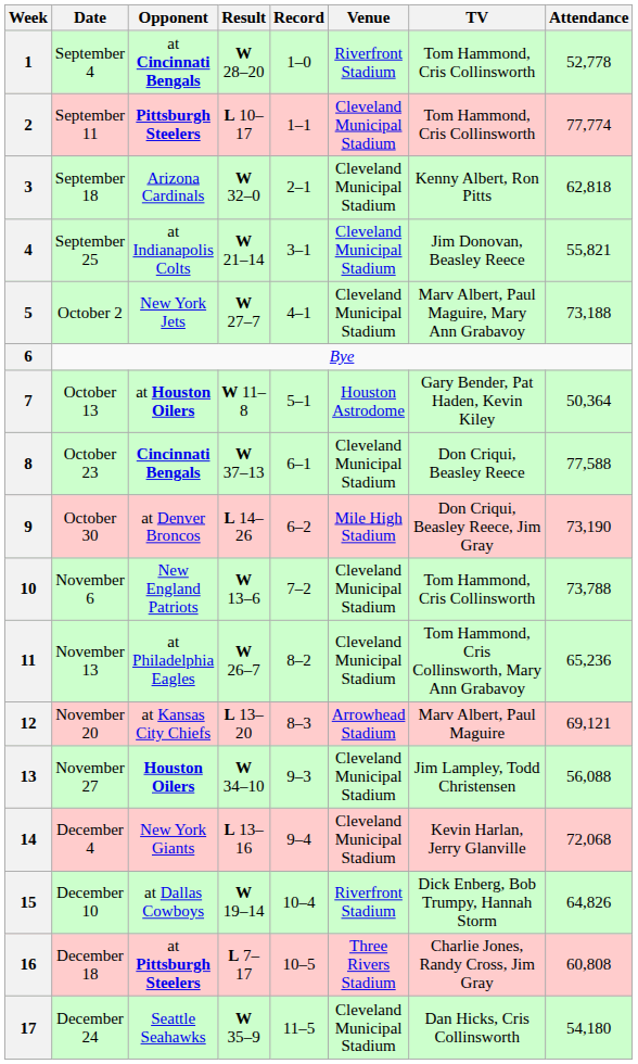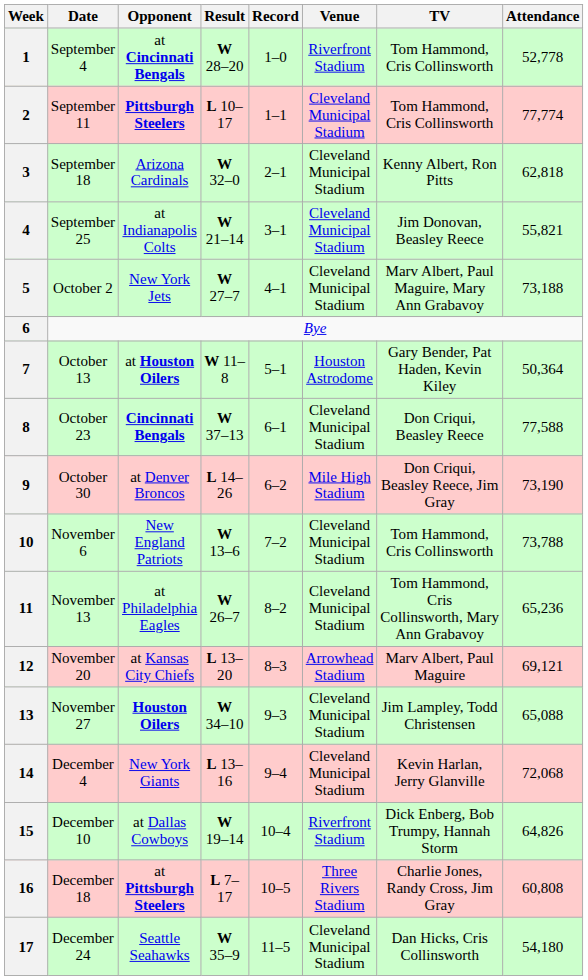 <table class="wikitable" style="text-align:center">
 <tr>
 <th>Week</th>
 <th>Date</th>
 <th>Opponent</th>
 <th>Result</th>
 <th>Record</th>
 <th>Venue</th>
 <th>TV</th>
 <th>Attendance</th>
 </tr>
 <tr style="background:#cfc">
 <th>1</th>
 <td>September 4</td>
 <td>at <strong><a href='#'>Cincinnati Bengals</a></strong></td>
 <td><strong>W</strong> 28–20</td>
 <td>1–0</td>
 <td><a href='#'>Riverfront Stadium</a></td>
 <td>Tom Hammond, Cris Collinsworth</td>
 <td>52,778</td>
 </tr>
 <tr style="background:#fcc">
 <th>2</th>
 <td>September 11</td>
 <td><strong><a href='#'>Pittsburgh Steelers</a></strong></td>
 <td><strong>L</strong> 10–17</td>
 <td>1–1</td>
 <td><a href='#'>Cleveland Municipal Stadium</a></td>
 <td>Tom Hammond, Cris Collinsworth</td>
 <td>77,774</td>
 </tr>
 <tr style="background:#cfc">
 <th>3</th>
 <td>September 18</td>
 <td><a href='#'>Arizona Cardinals</a></td>
 <td><strong>W</strong> 32–0</td>
 <td>2–1</td>
 <td>Cleveland Municipal Stadium</td>
 <td>Kenny Albert, Ron Pitts</td>
 <td>62,818</td>
 </tr>
 <tr style="background:#cfc">
 <th>4</th>
 <td>September 25</td>
 <td>at <a href='#'>Indianapolis Colts</a></td>
 <td><strong>W</strong> 21–14</td>
 <td>3–1</td>
 <td><a href='#'>Cleveland Municipal Stadium</a></td>
 <td>Jim Donovan, Beasley Reece</td>
 <td>55,821</td>
 </tr>
 <tr style="background:#cfc">
 <th>5</th>
 <td>October 2</td>
 <td><a href='#'>New York Jets</a></td>
 <td><strong>W</strong> 27–7</td>
 <td>4–1</td>
 <td>Cleveland Municipal Stadium</td>
 <td>Marv Albert, Paul Maguire, Mary Ann Grabavoy</td>
 <td>73,188</td>
 </tr>
 <tr>
 <th>6</th>
 <td colspan="7"><em><a href='#'>Bye</a></em></td>
 </tr>
 <tr style="background:#cfc">
 <th>7</th>
 <td>October 13</td>
 <td>at <strong><a href='#'>Houston Oilers</a></strong></td>
 <td><strong>W</strong> 11–8</td>
 <td>5–1</td>
 <td><a href='#'>Houston Astrodome</a></td>
 <td>Gary Bender, Pat Haden, Kevin Kiley</td>
 <td>50,364</td>
 </tr>
 <tr style="background:#cfc">
 <th>8</th>
 <td>October 23</td>
 <td><strong><a href='#'>Cincinnati Bengals</a></strong></td>
 <td><strong>W</strong> 37–13</td>
 <td>6–1</td>
 <td>Cleveland Municipal Stadium</td>
 <td>Don Criqui, Beasley Reece</td>
 <td>77,588</td>
 </tr>
 <tr style="background:#fcc">
 <th>9</th>
 <td>October 30</td>
 <td>at <a href='#'>Denver Broncos</a></td>
 <td><strong>L</strong> 14–26</td>
 <td>6–2</td>
 <td><a href='#'>Mile High Stadium</a></td>
 <td>Don Criqui, Beasley Reece, Jim Gray</td>
 <td>73,190</td>
 </tr>
 <tr style="background:#cfc">
 <th>10</th>
 <td>November 6</td>
 <td><a href='#'>New England Patriots</a></td>
 <td><strong>W</strong> 13–6</td>
 <td>7–2</td>
 <td>Cleveland Municipal Stadium</td>
 <td>Tom Hammond, Cris Collinsworth</td>
 <td>73,788</td>
 </tr>
 <tr style="background:#cfc">
 <th>11</th>
 <td>November 13</td>
 <td>at <a href='#'>Philadelphia Eagles</a></td>
 <td><strong>W</strong> 26–7</td>
 <td>8–2</td>
 <td>Cleveland Municipal Stadium</td>
 <td>Tom Hammond, Cris Collinsworth, Mary Ann Grabavoy</td>
 <td>65,236</td>
 </tr>
 <tr style="background:#fcc">
 <th>12</th>
 <td>November 20</td>
 <td>at <a href='#'>Kansas City Chiefs</a></td>
 <td><strong>L</strong> 13–20</td>
 <td>8–3</td>
 <td><a href='#'>Arrowhead Stadium</a></td>
 <td>Marv Albert, Paul Maguire</td>
 <td>69,121</td>
 </tr>
 <tr style="background:#cfc">
 <th>13</th>
 <td>November 27</td>
 <td><strong><a href='#'>Houston Oilers</a></strong></td>
 <td><strong>W</strong> 34–10</td>
 <td>9–3</td>
 <td>Cleveland Municipal Stadium</td>
 <td>Jim Lampley, Todd Christensen</td>
-<td>56,088</td>
+<td>65,088</td>
 </tr>
 <tr style="background:#fcc">
 <th>14</th>
 <td>December 4</td>
 <td><a href='#'>New York Giants</a></td>
 <td><strong>L</strong> 13–16</td>
 <td>9–4</td>
 <td>Cleveland Municipal Stadium</td>
 <td>Kevin Harlan, Jerry Glanville</td>
 <td>72,068</td>
 </tr>
 <tr style="background:#cfc">
 <th>15</th>
 <td>December 10</td>
 <td>at <a href='#'>Dallas Cowboys</a></td>
 <td><strong>W</strong> 19–14</td>
 <td>10–4</td>
 <td><a href='#'>Riverfront Stadium</a></td>
 <td>Dick Enberg, Bob Trumpy, Hannah Storm</td>
 <td>64,826</td>
 </tr>
 <tr style="background:#fcc">
 <th>16</th>
 <td>December 18</td>
 <td>at <strong><a href='#'>Pittsburgh Steelers</a></strong></td>
 <td><strong>L</strong> 7–17</td>
 <td>10–5</td>
 <td><a href='#'>Three Rivers Stadium</a></td>
 <td>Charlie Jones, Randy Cross, Jim Gray</td>
 <td>60,808</td>
 </tr>
 <tr style="background:#cfc">
 <th>17</th>
 <td>December 24</td>
 <td><a href='#'>Seattle Seahawks</a></td>
 <td><strong>W</strong> 35–9</td>
 <td>11–5</td>
 <td>Cleveland Municipal Stadium</td>
 <td>Dan Hicks, Cris Collinsworth</td>
 <td>54,180</td>
 </tr>
 </table>
